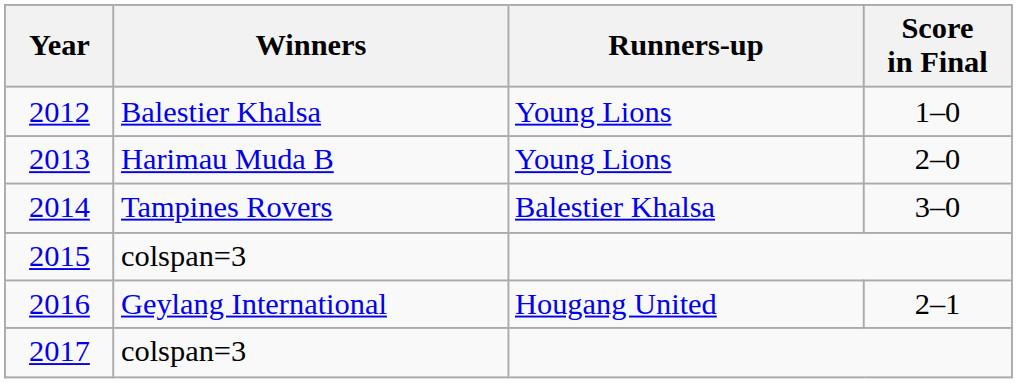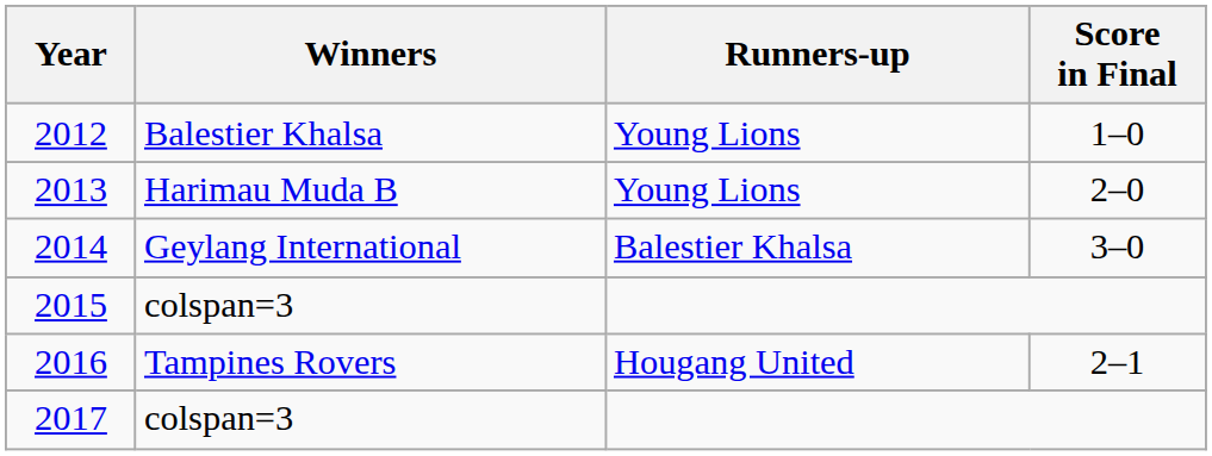 <table class="wikitable">
 <tr>
 <th width='50'>Year</th>
 <th width='200'>Winners</th>
 <th width='180'>Runners-up</th>
 <th width='70'>Score<br>in Final</th>
 </tr>
 <tr>
 <td align='center'><a href='#'>2012</a></td>
 <td><a href='#'>Balestier Khalsa</a></td>
 <td><a href='#'>Young Lions</a></td>
 <td align='center'>1–0</td>
 </tr>
 <tr>
 <td align='center'><a href='#'>2013</a></td>
 <td><a href='#'>Harimau Muda B</a></td>
 <td><a href='#'>Young Lions</a></td>
 <td align='center'>2–0</td>
 </tr>
 <tr>
 <td align='center'><a href='#'>2014</a></td>
-<td><a href='#'>Tampines Rovers</a></td>
+<td><a href='#'>Geylang International</a></td>
 <td><a href='#'>Balestier Khalsa</a></td>
 <td align='center'>3–0</td>
 </tr>
 <tr>
 <td align='center'><a href='#'>2015</a></td>
 <td>colspan=3 </td>
 </tr>
 <tr>
 <td align='center'><a href='#'>2016</a></td>
-<td><a href='#'>Geylang International</a></td>
+<td><a href='#'>Tampines Rovers</a></td>
 <td><a href='#'>Hougang United</a></td>
 <td align='center'>2–1</td>
 </tr>
 <tr>
 <td align='center'><a href='#'>2017</a></td>
 <td>colspan=3 </td>
 </tr>
 </table>
